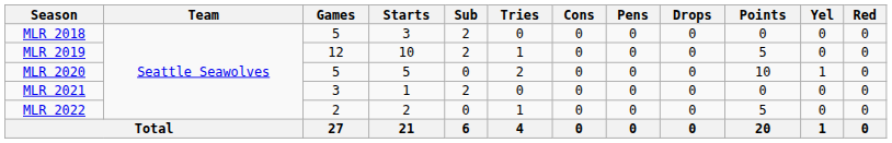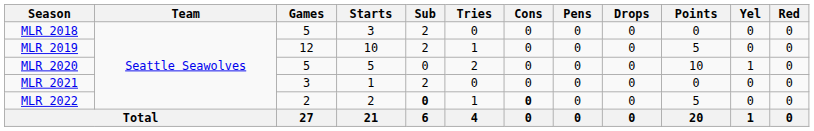 <table class="wikitable" style="text-align:center; line-height:100%; font-size:100%; width:70%;">
 <tr>
 <th>Season</th>
 <th>Team</th>
 <th>Games</th>
 <th>Starts</th>
 <th>Sub</th>
 <th>Tries</th>
 <th>Cons</th>
 <th>Pens</th>
 <th>Drops</th>
 <th>Points</th>
 <th>Yel</th>
 <th>Red</th>
 </tr>
 <tr>
 <td><a href='#'>MLR 2018</a></td>
 <td rowspan="5"><a href='#'>Seattle Seawolves</a></td>
 <td>5</td>
 <td>3</td>
 <td>2</td>
 <td>0</td>
 <td>0</td>
 <td>0</td>
 <td>0</td>
 <td>0</td>
 <td>0</td>
 <td>0</td>
 </tr>
 <tr>
 <td><a href='#'>MLR 2019</a></td>
 <td>12</td>
 <td>10</td>
 <td>2</td>
 <td>1</td>
 <td>0</td>
 <td>0</td>
 <td>0</td>
 <td>5</td>
 <td>0</td>
 <td>0</td>
 </tr>
 <tr>
 <td><a href='#'>MLR 2020</a></td>
 <td>5</td>
 <td>5</td>
 <td>0</td>
 <td>2</td>
 <td>0</td>
 <td>0</td>
 <td>0</td>
 <td>10</td>
 <td>1</td>
 <td>0</td>
 </tr>
 <tr>
 <td><a href='#'>MLR 2021</a></td>
 <td>3</td>
 <td>1</td>
 <td>2</td>
 <td>0</td>
 <td>0</td>
 <td>0</td>
 <td>0</td>
 <td>0</td>
 <td>0</td>
 <td>0</td>
 </tr>
 <tr>
 <td><a href='#'>MLR 2022</a></td>
 <td>2</td>
 <td>2</td>
-<td>0</td>
+<td><strong>0</strong></td>
 <td>1</td>
-<td>0</td>
+<td><strong>0</strong></td>
 <td>0</td>
 <td>0</td>
 <td>5</td>
 <td>0</td>
 <td>0</td>
 </tr>
 <tr>
 <th colspan="2">Total</th>
 <th>27</th>
 <th>21</th>
 <th>6</th>
 <th>4</th>
 <th>0</th>
 <th>0</th>
 <th>0</th>
 <th>20</th>
 <th>1</th>
 <th>0</th>
 </tr>
 </table>
